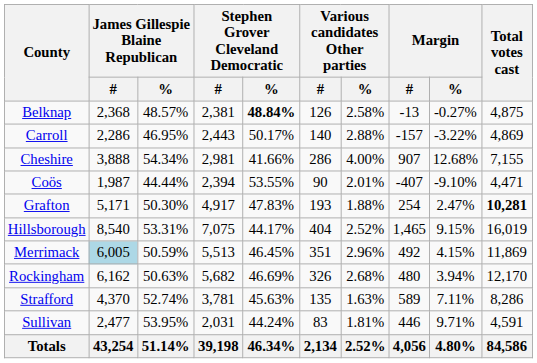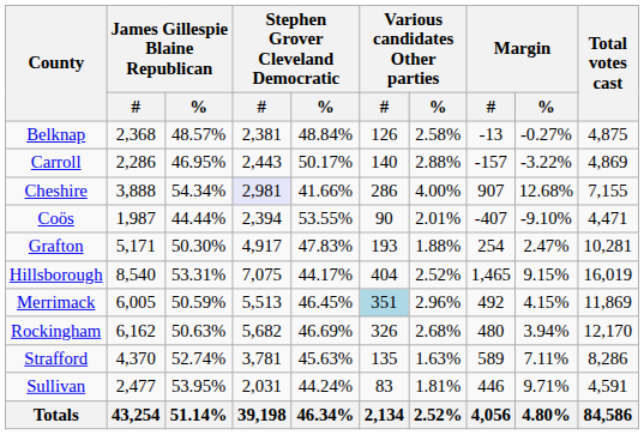 <table width="65%"  class="wikitable sortable" style="text-align:center">
 <tr>
 <th colspan="1" rowspan="2">County</th>
 <th style="text-align:center;" colspan="2">James Gillespie Blaine<br>Republican</th>
 <th style="text-align:center;" colspan="2">Stephen Grover Cleveland<br>Democratic</th>
 <th style="text-align:center;" colspan="2">Various candidates<br>Other parties</th>
 <th style="text-align:center;" colspan="2">Margin</th>
 <th colspan="1" rowspan="2" style="text-align:center;">Total votes cast</th>
 </tr>
 <tr>
 <th style="text-align:center;" data-sort-type="number">#</th>
 <th style="text-align:center;" data-sort-type="number">%</th>
 <th style="text-align:center;" data-sort-type="number">#</th>
 <th style="text-align:center;" data-sort-type="number">%</th>
 <th style="text-align:center;" data-sort-type="number">#</th>
 <th style="text-align:center;" data-sort-type="number">%</th>
 <th style="text-align:center;" data-sort-type="number">#</th>
 <th style="text-align:center;" data-sort-type="number">%</th>
 </tr>
 <tr style="text-align:center;">
 <td><a href='#'>Belknap</a></td>
 <td>2,368</td>
 <td>48.57%</td>
 <td>2,381</td>
-<td><strong>48.84%</strong></td>
+<td>48.84%</td>
 <td>126</td>
 <td>2.58%</td>
 <td>-13</td>
 <td>-0.27%</td>
 <td>4,875</td>
 </tr>
 <tr style="text-align:center;">
 <td><a href='#'>Carroll</a></td>
 <td>2,286</td>
 <td>46.95%</td>
 <td>2,443</td>
 <td>50.17%</td>
 <td>140</td>
 <td>2.88%</td>
 <td>-157</td>
 <td>-3.22%</td>
 <td>4,869</td>
 </tr>
 <tr style="text-align:center;">
 <td><a href='#'>Cheshire</a></td>
 <td>3,888</td>
 <td>54.34%</td>
-<td>2,981</td>
+<td style="background: lavender;">2,981</td>
 <td>41.66%</td>
 <td>286</td>
 <td>4.00%</td>
 <td>907</td>
 <td>12.68%</td>
 <td>7,155</td>
 </tr>
 <tr style="text-align:center;">
 <td><a href='#'>Coös</a></td>
 <td>1,987</td>
 <td>44.44%</td>
 <td>2,394</td>
 <td>53.55%</td>
 <td>90</td>
 <td>2.01%</td>
 <td>-407</td>
 <td>-9.10%</td>
 <td>4,471</td>
 </tr>
 <tr style="text-align:center;">
 <td><a href='#'>Grafton</a></td>
 <td>5,171</td>
 <td>50.30%</td>
 <td>4,917</td>
 <td>47.83%</td>
 <td>193</td>
 <td>1.88%</td>
 <td>254</td>
 <td>2.47%</td>
-<td><strong>10,281</strong></td>
+<td>10,281</td>
 </tr>
 <tr style="text-align:center;">
 <td><a href='#'>Hillsborough</a></td>
 <td>8,540</td>
 <td>53.31%</td>
 <td>7,075</td>
 <td>44.17%</td>
 <td>404</td>
 <td>2.52%</td>
 <td>1,465</td>
 <td>9.15%</td>
 <td>16,019</td>
 </tr>
 <tr style="text-align:center;">
 <td><a href='#'>Merrimack</a></td>
-<td style="background: lightblue;">6,005</td>
+<td>6,005</td>
 <td>50.59%</td>
 <td>5,513</td>
 <td>46.45%</td>
-<td>351</td>
+<td style="background: lightblue;">351</td>
 <td>2.96%</td>
 <td>492</td>
 <td>4.15%</td>
 <td>11,869</td>
 </tr>
 <tr style="text-align:center;">
 <td><a href='#'>Rockingham</a></td>
 <td>6,162</td>
 <td>50.63%</td>
 <td>5,682</td>
 <td>46.69%</td>
 <td>326</td>
 <td>2.68%</td>
 <td>480</td>
 <td>3.94%</td>
 <td>12,170</td>
 </tr>
 <tr style="text-align:center;">
 <td><a href='#'>Strafford</a></td>
 <td>4,370</td>
 <td>52.74%</td>
 <td>3,781</td>
 <td>45.63%</td>
 <td>135</td>
 <td>1.63%</td>
 <td>589</td>
 <td>7.11%</td>
 <td>8,286</td>
 </tr>
 <tr style="text-align:center;">
 <td><a href='#'>Sullivan</a></td>
 <td>2,477</td>
 <td>53.95%</td>
 <td>2,031</td>
 <td>44.24%</td>
 <td>83</td>
 <td>1.81%</td>
 <td>446</td>
 <td>9.71%</td>
 <td>4,591</td>
 </tr>
 <tr style="text-align:center;">
 <th>Totals</th>
 <th>43,254</th>
 <th>51.14%</th>
 <th>39,198</th>
 <th>46.34%</th>
 <th>2,134</th>
 <th>2.52%</th>
 <th>4,056</th>
 <th>4.80%</th>
 <th>84,586</th>
 </tr>
 </table>
